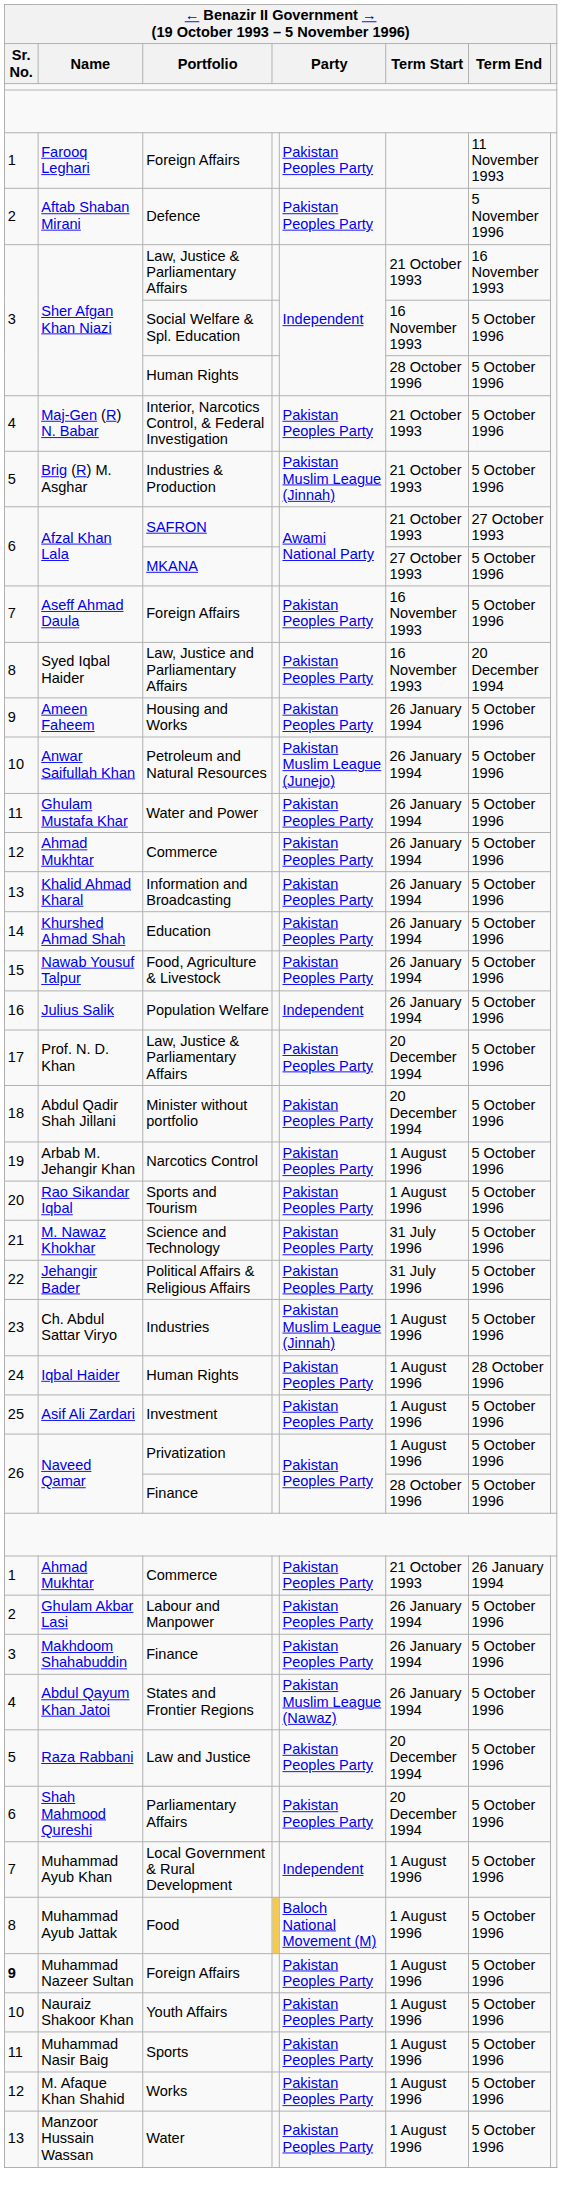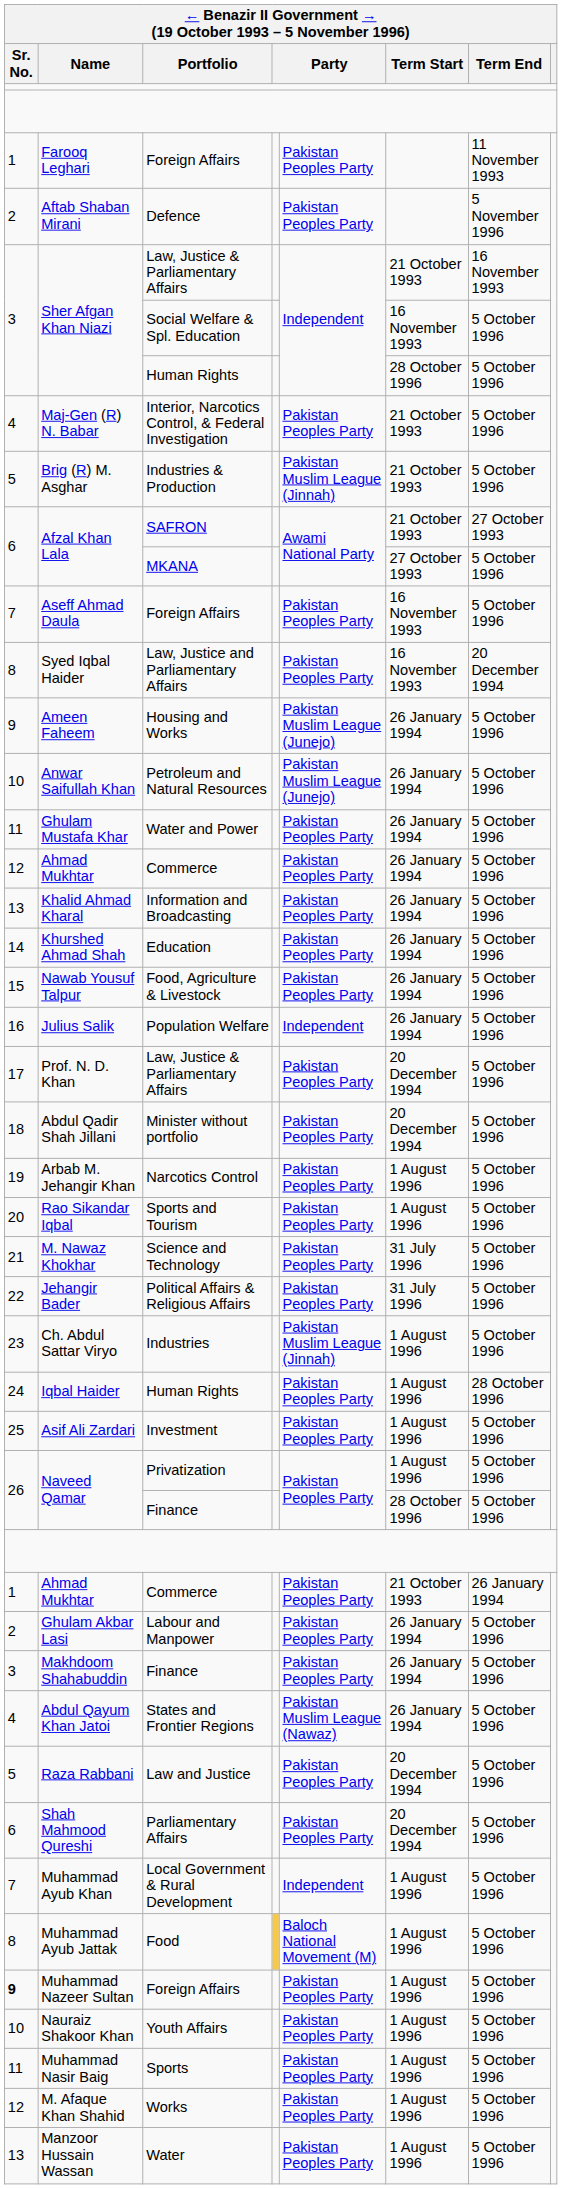 <table class="wikitable" style="font-size: 100%;">
 <tr>
 <th colspan="8"><a href='#'>←</a> <strong>Benazir II Government</strong> <a href='#'>→</a><br>(19 October 1993 – 5 November 1996)</th>
 </tr>
 <tr>
 <th>Sr. No.</th>
 <th>Name</th>
 <th>Portfolio</th>
 <th colspan="2">Party</th>
 <th>Term Start</th>
 <th>Term End</th>
 <th></th>
 </tr>
 <tr>
 <td colspan="8"></td>
 </tr>
 <tr>
 <td colspan="8"><br><h4></h4></td>
 </tr>
 <tr>
 <td>1</td>
 <td><a href='#'>Farooq Leghari</a></td>
 <td>Foreign Affairs</td>
 <td style="background-color: "></td>
 <td><a href='#'>Pakistan Peoples Party</a></td>
 <td></td>
 <td>11 November 1993</td>
 <td rowspan="30"></td>
 </tr>
 <tr>
 <td>2</td>
 <td><a href='#'>Aftab Shaban Mirani</a></td>
 <td>Defence</td>
 <td style="background-color: "></td>
 <td><a href='#'>Pakistan Peoples Party</a></td>
 <td></td>
 <td>5 November 1996</td>
 </tr>
 <tr>
 <td rowspan="3">3</td>
 <td rowspan="3"><a href='#'>Sher Afgan Khan Niazi</a></td>
 <td>Law, Justice & Parliamentary Affairs</td>
 <td style="background-color: "></td>
 <td rowspan="3"><a href='#'>Independent</a></td>
 <td>21 October 1993</td>
 <td>16 November 1993</td>
 </tr>
 <tr>
 <td>Social Welfare & Spl. Education</td>
 <td style="background-color: "></td>
 <td>16 November 1993</td>
 <td>5 October 1996</td>
 </tr>
 <tr>
 <td>Human Rights</td>
 <td style="background-color: "></td>
 <td>28 October 1996</td>
 <td>5 October 1996</td>
 </tr>
 <tr>
 <td>4</td>
 <td><a href='#'>Maj-Gen</a> (<a href='#'>R</a>) <a href='#'>N. Babar</a></td>
 <td>Interior, Narcotics Control, & Federal Investigation</td>
 <td style="background-color: "></td>
 <td><a href='#'>Pakistan Peoples Party</a></td>
 <td>21 October 1993</td>
 <td>5 October 1996</td>
 </tr>
 <tr>
 <td>5</td>
 <td><a href='#'>Brig</a> (<a href='#'>R</a>) M. Asghar</td>
 <td>Industries & Production</td>
 <td style="background-color: "></td>
 <td><a href='#'>Pakistan Muslim League (Jinnah)</a></td>
 <td>21 October 1993</td>
 <td>5 October 1996</td>
 </tr>
 <tr>
 <td rowspan="2">6</td>
 <td rowspan="2"><a href='#'>Afzal Khan Lala</a></td>
 <td><a href='#'>SAFRON</a></td>
 <td style="background-color: "></td>
 <td rowspan="2"><a href='#'>Awami National Party</a></td>
 <td>21 October 1993</td>
 <td>27 October 1993</td>
 </tr>
 <tr>
 <td><a href='#'>MKANA</a></td>
 <td style="background-color: "></td>
 <td>27 October 1993</td>
 <td>5 October 1996</td>
 </tr>
 <tr>
 <td>7</td>
 <td><a href='#'>Aseff Ahmad Daula</a></td>
 <td>Foreign Affairs</td>
 <td style="background-color: "></td>
 <td><a href='#'>Pakistan Peoples Party</a></td>
 <td>16 November 1993</td>
 <td>5 October 1996</td>
 </tr>
 <tr>
 <td>8</td>
 <td>Syed Iqbal Haider</td>
 <td>Law, Justice and Parliamentary Affairs</td>
 <td style="background-color: "></td>
 <td><a href='#'>Pakistan Peoples Party</a></td>
 <td>16 November 1993</td>
 <td>20 December 1994</td>
 </tr>
 <tr>
 <td>9</td>
 <td><a href='#'>Ameen Faheem</a></td>
 <td>Housing and Works</td>
 <td style="background-color: "></td>
-<td><a href='#'>Pakistan Peoples Party</a></td>
+<td><a href='#'>Pakistan Muslim League (Junejo)</a></td>
 <td>26 January 1994</td>
 <td>5 October 1996</td>
 </tr>
 <tr>
 <td>10</td>
 <td><a href='#'>Anwar Saifullah Khan</a></td>
 <td>Petroleum and Natural Resources</td>
 <td style="background-color: "></td>
 <td><a href='#'>Pakistan Muslim League (Junejo)</a></td>
 <td>26 January 1994</td>
 <td>5 October 1996</td>
 </tr>
 <tr>
 <td>11</td>
 <td><a href='#'>Ghulam Mustafa Khar</a></td>
 <td>Water and Power</td>
 <td style="background-color: "></td>
 <td><a href='#'>Pakistan Peoples Party</a></td>
 <td>26 January 1994</td>
 <td>5 October 1996</td>
 </tr>
 <tr>
 <td>12</td>
 <td><a href='#'>Ahmad Mukhtar</a></td>
 <td>Commerce</td>
 <td style="background-color: "></td>
 <td><a href='#'>Pakistan Peoples Party</a></td>
 <td>26 January 1994</td>
 <td>5 October 1996</td>
 </tr>
 <tr>
 <td>13</td>
 <td><a href='#'>Khalid Ahmad Kharal</a></td>
 <td>Information and Broadcasting</td>
 <td style="background-color: "></td>
 <td><a href='#'>Pakistan Peoples Party</a></td>
 <td>26 January 1994</td>
 <td>5 October 1996</td>
 </tr>
 <tr>
 <td>14</td>
 <td><a href='#'>Khurshed Ahmad Shah</a></td>
 <td>Education</td>
 <td style="background-color: "></td>
 <td><a href='#'>Pakistan Peoples Party</a></td>
 <td>26 January 1994</td>
 <td>5 October 1996</td>
 </tr>
 <tr>
 <td>15</td>
 <td><a href='#'>Nawab Yousuf Talpur</a></td>
 <td>Food, Agriculture & Livestock</td>
 <td style="background-color: "></td>
 <td><a href='#'>Pakistan Peoples Party</a></td>
 <td>26 January 1994</td>
 <td>5 October 1996</td>
 </tr>
 <tr>
 <td>16</td>
 <td><a href='#'>Julius Salik</a></td>
 <td>Population Welfare</td>
 <td style="background-color: "></td>
 <td><a href='#'>Independent</a></td>
 <td>26 January 1994</td>
 <td>5 October 1996</td>
 </tr>
 <tr>
 <td>17</td>
 <td>Prof. N. D. Khan</td>
 <td>Law, Justice & Parliamentary Affairs</td>
 <td style="background-color: "></td>
 <td><a href='#'>Pakistan Peoples Party</a></td>
 <td>20 December 1994</td>
 <td>5 October 1996</td>
 </tr>
 <tr>
 <td>18</td>
 <td>Abdul Qadir Shah Jillani</td>
 <td>Minister without portfolio</td>
 <td style="background-color: "></td>
 <td><a href='#'>Pakistan Peoples Party</a></td>
 <td>20 December 1994</td>
 <td>5 October 1996</td>
 </tr>
 <tr>
 <td>19</td>
 <td>Arbab M. Jehangir Khan</td>
 <td>Narcotics Control</td>
 <td style="background-color: "></td>
 <td><a href='#'>Pakistan Peoples Party</a></td>
 <td>1 August 1996</td>
 <td>5 October 1996</td>
 </tr>
 <tr>
 <td>20</td>
 <td><a href='#'>Rao Sikandar Iqbal</a></td>
 <td>Sports and Tourism</td>
 <td style="background-color: "></td>
 <td><a href='#'>Pakistan Peoples Party</a></td>
 <td>1 August 1996</td>
 <td>5 October 1996</td>
 </tr>
 <tr>
 <td>21</td>
 <td><a href='#'>M. Nawaz Khokhar</a></td>
 <td>Science and Technology</td>
 <td style="background-color: "></td>
 <td><a href='#'>Pakistan Peoples Party</a></td>
 <td>31 July 1996</td>
 <td>5 October 1996</td>
 </tr>
 <tr>
 <td>22</td>
 <td><a href='#'>Jehangir Bader</a></td>
 <td>Political Affairs & Religious Affairs</td>
 <td style="background-color: "></td>
 <td><a href='#'>Pakistan Peoples Party</a></td>
 <td>31 July 1996</td>
 <td>5 October 1996</td>
 </tr>
 <tr>
 <td>23</td>
 <td>Ch. Abdul Sattar Viryo</td>
 <td>Industries</td>
 <td style="background-color: "></td>
 <td><a href='#'>Pakistan Muslim League (Jinnah)</a></td>
 <td>1 August 1996</td>
 <td>5 October 1996</td>
 </tr>
 <tr>
 <td>24</td>
 <td><a href='#'>Iqbal Haider</a></td>
 <td>Human Rights</td>
 <td style="background-color: "></td>
 <td><a href='#'>Pakistan Peoples Party</a></td>
 <td>1 August 1996</td>
 <td>28 October 1996</td>
 </tr>
 <tr>
 <td>25</td>
 <td><a href='#'>Asif Ali Zardari</a></td>
 <td>Investment</td>
 <td style="background-color: "></td>
 <td><a href='#'>Pakistan Peoples Party</a></td>
 <td>1 August 1996</td>
 <td>5 October 1996</td>
 </tr>
 <tr>
 <td rowspan="2">26</td>
 <td rowspan="2"><a href='#'>Naveed Qamar</a></td>
 <td>Privatization</td>
 <td style="background-color: "></td>
 <td rowspan="2"><a href='#'>Pakistan Peoples Party</a></td>
 <td>1 August 1996</td>
 <td>5 October 1996</td>
 </tr>
 <tr>
 <td>Finance</td>
 <td style="background-color: "></td>
 <td>28 October 1996</td>
 <td>5 October 1996</td>
 </tr>
 <tr>
 <td colspan="8"><br><h4></h4></td>
 </tr>
 <tr>
 <td>1</td>
 <td><a href='#'>Ahmad Mukhtar</a></td>
 <td>Commerce</td>
 <td style="background-color: "></td>
 <td><a href='#'>Pakistan Peoples Party</a></td>
 <td>21 October 1993</td>
 <td>26 January 1994</td>
 <td rowspan="13"></td>
 </tr>
 <tr>
 <td>2</td>
 <td><a href='#'>Ghulam Akbar Lasi</a></td>
 <td>Labour and Manpower</td>
 <td style="background-color: "></td>
 <td><a href='#'>Pakistan Peoples Party</a></td>
 <td>26 January 1994</td>
 <td>5 October 1996</td>
 </tr>
 <tr>
 <td>3</td>
 <td><a href='#'>Makhdoom Shahabuddin</a></td>
 <td>Finance</td>
 <td style="background-color: "></td>
 <td><a href='#'>Pakistan Peoples Party</a></td>
 <td>26 January 1994</td>
 <td>5 October 1996</td>
 </tr>
 <tr>
 <td>4</td>
 <td><a href='#'>Abdul Qayum Khan Jatoi</a></td>
 <td>States and Frontier Regions</td>
 <td style="background-color: "></td>
 <td><a href='#'>Pakistan Muslim League (Nawaz)</a></td>
 <td>26 January 1994</td>
 <td>5 October 1996</td>
 </tr>
 <tr>
 <td>5</td>
 <td><a href='#'>Raza Rabbani</a></td>
 <td>Law and Justice</td>
 <td style="background-color: "></td>
 <td><a href='#'>Pakistan Peoples Party</a></td>
 <td>20 December 1994</td>
 <td>5 October 1996</td>
 </tr>
 <tr>
 <td>6</td>
 <td><a href='#'>Shah Mahmood Qureshi</a></td>
 <td>Parliamentary Affairs</td>
 <td style="background-color: "></td>
 <td><a href='#'>Pakistan Peoples Party</a></td>
 <td>20 December 1994</td>
 <td>5 October 1996</td>
 </tr>
 <tr>
 <td>7</td>
 <td>Muhammad Ayub Khan</td>
 <td>Local Government & Rural Development</td>
 <td style="background-color: "></td>
 <td><a href='#'>Independent</a></td>
 <td>1 August 1996</td>
 <td>5 October 1996</td>
 </tr>
 <tr>
 <td>8</td>
 <td>Muhammad Ayub Jattak</td>
 <td>Food</td>
 <td style="color:inherit;background:#f7c944"></td>
 <td><a href='#'>Baloch National Movement (M)</a></td>
 <td>1 August 1996</td>
 <td>5 October 1996</td>
 </tr>
 <tr>
 <td><strong>9</strong></td>
 <td>Muhammad Nazeer Sultan</td>
 <td>Foreign Affairs</td>
 <td style="background-color: "></td>
 <td><a href='#'>Pakistan Peoples Party</a></td>
 <td>1 August 1996</td>
 <td>5 October 1996</td>
 </tr>
 <tr>
 <td>10</td>
 <td>Nauraiz Shakoor Khan</td>
 <td>Youth Affairs</td>
 <td style="background-color: "></td>
 <td><a href='#'>Pakistan Peoples Party</a></td>
 <td>1 August 1996</td>
 <td>5 October 1996</td>
 </tr>
 <tr>
 <td>11</td>
 <td>Muhammad Nasir Baig</td>
 <td>Sports</td>
 <td style="background-color: "></td>
 <td><a href='#'>Pakistan Peoples Party</a></td>
 <td>1 August 1996</td>
 <td>5 October 1996</td>
 </tr>
 <tr>
 <td>12</td>
 <td>M. Afaque Khan Shahid</td>
 <td>Works</td>
 <td style="background-color: "></td>
 <td><a href='#'>Pakistan Peoples Party</a></td>
 <td>1 August 1996</td>
 <td>5 October 1996</td>
 </tr>
 <tr>
 <td>13</td>
 <td>Manzoor Hussain Wassan</td>
 <td>Water</td>
 <td style="background-color: "></td>
 <td><a href='#'>Pakistan Peoples Party</a></td>
 <td>1 August 1996</td>
 <td>5 October 1996</td>
 </tr>
 </table>
